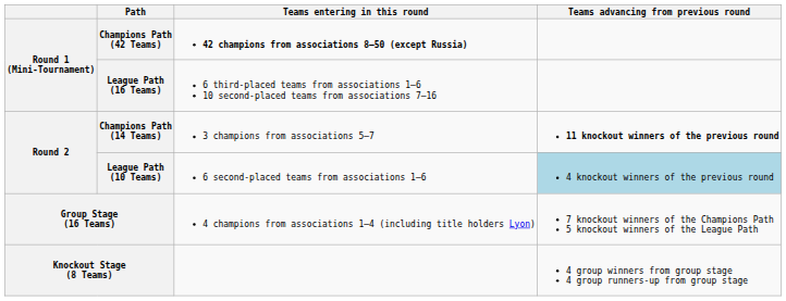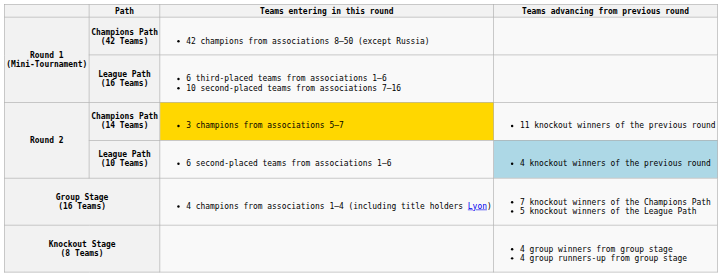 <table class="wikitable">
 <tr>
 <th></th>
 <th>Path</th>
 <th>Teams entering in this round</th>
 <th>Teams advancing from previous round</th>
 </tr>
 <tr>
 <th rowspan="2">Round 1<br>(Mini-Tournament)</th>
 <th>Champions Path<br>(42 Teams)</th>
-<td><strong><br><ul><li>42 champions from associations 8–50 (except Russia)</li></ul></strong></td>
+<td><br><ul><li>42 champions from associations 8–50 (except Russia)</li></ul></td>
 <td></td>
 </tr>
 <tr>
 <th>League Path<br>(16 Teams)</th>
 <td><br><ul><li>6 third-placed teams from associations 1–6</li><li>10 second-placed teams from associations 7–16</li></ul></td>
 <td></td>
 </tr>
 <tr>
 <th rowspan="2">Round 2</th>
 <th>Champions Path<br>(14 Teams)</th>
-<td><br><ul><li>3 champions from associations 5–7</li></ul></td>
-<td><strong><br><ul><li>11 knockout winners of the previous round</li></ul></strong></td>
+<td style="background: gold;"><br><ul><li>3 champions from associations 5–7</li></ul></td>
+<td><br><ul><li>11 knockout winners of the previous round</li></ul></td>
 </tr>
 <tr>
 <th>League Path<br>(10 Teams)</th>
 <td><br><ul><li>6 second-placed teams from associations 1–6</li></ul></td>
 <td style="background: lightblue;"><br><ul><li>4 knockout winners of the previous round</li></ul></td>
 </tr>
 <tr>
 <th colspan="2">Group Stage<br>(16 Teams)</th>
 <td><br><ul><li>4 champions from associations 1–4 (including title holders <a href='#'>Lyon</a>)</li></ul></td>
 <td><br><ul><li>7 knockout winners of the Champions Path</li><li>5 knockout winners of the League Path</li></ul></td>
 </tr>
 <tr>
 <th colspan="2">Knockout Stage<br>(8 Teams)</th>
 <td></td>
 <td><br><ul><li>4 group winners from group stage</li><li>4 group runners-up from group stage</li></ul></td>
 </tr>
 </table>
